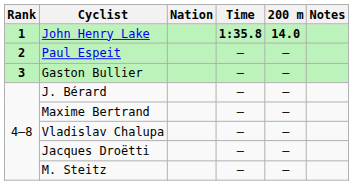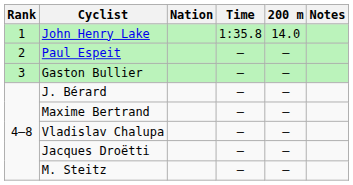 <table class="wikitable sortable" style="text-align:center">
 <tr>
 <th>Rank</th>
 <th>Cyclist</th>
 <th>Nation</th>
 <th>Time</th>
 <th>200 m</th>
 <th>Notes</th>
 </tr>
 <tr bgcolor=bbf3bb>
-<td><strong>1</strong></td>
+<td>1</td>
 <td align=left><a href='#'>John Henry Lake</a></td>
 <td align=left></td>
-<td><strong>1:35.8</strong></td>
-<td><strong>14.0</strong></td>
+<td>1:35.8</td>
+<td>14.0</td>
 <td></td>
 </tr>
 <tr bgcolor=bbf3bb>
-<td><strong>2</strong></td>
+<td>2</td>
 <td align=left><a href='#'>Paul Espeit</a></td>
 <td align=left></td>
 <td data-sort-value=9:99.9>—</td>
 <td data-sort-value=99.9>—</td>
 <td></td>
 </tr>
 <tr bgcolor=bbf3bb>
-<td><strong>3</strong></td>
+<td>3</td>
 <td align=left>Gaston Bullier</td>
 <td align=left></td>
 <td data-sort-value=9:99.9>—</td>
 <td data-sort-value=99.9>—</td>
 <td></td>
 </tr>
 <tr>
 <td rowspan=5>4–8</td>
 <td align=left>J. Bérard</td>
 <td align=left></td>
 <td data-sort-value=9:99.9>—</td>
 <td data-sort-value=99.9>—</td>
 <td></td>
 </tr>
 <tr>
 <td align=left>Maxime Bertrand</td>
 <td align=left></td>
 <td data-sort-value=9:99.9>—</td>
 <td data-sort-value=99.9>—</td>
 <td></td>
 </tr>
 <tr>
 <td align=left>Vladislav Chalupa</td>
 <td align=left></td>
 <td data-sort-value=9:99.9>—</td>
 <td data-sort-value=99.9>—</td>
 <td></td>
 </tr>
 <tr>
 <td align=left>Jacques Droëtti</td>
 <td align=left></td>
 <td data-sort-value=9:99.9>—</td>
 <td data-sort-value=99.9>—</td>
 <td></td>
 </tr>
 <tr>
 <td align=left>M. Steitz</td>
 <td align=left></td>
 <td data-sort-value=9:99.9>—</td>
 <td data-sort-value=99.9>—</td>
 <td></td>
 </tr>
 </table>
